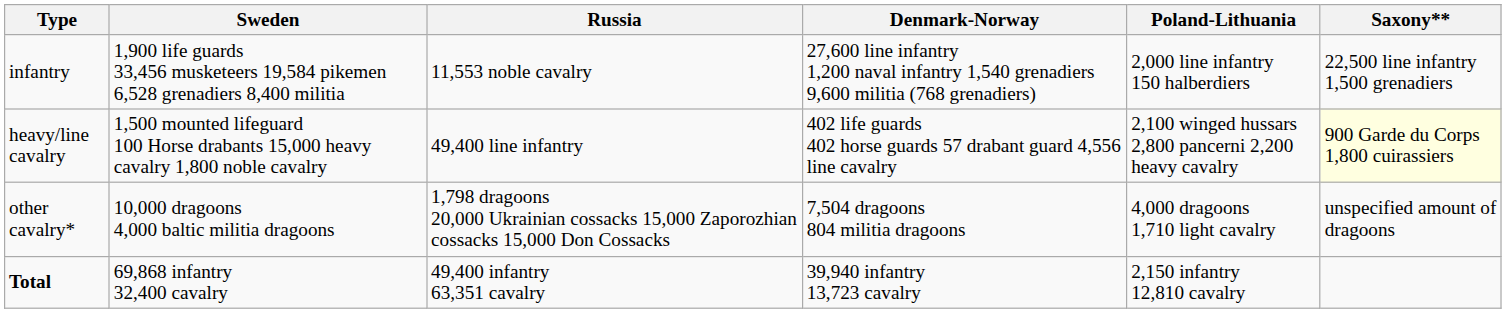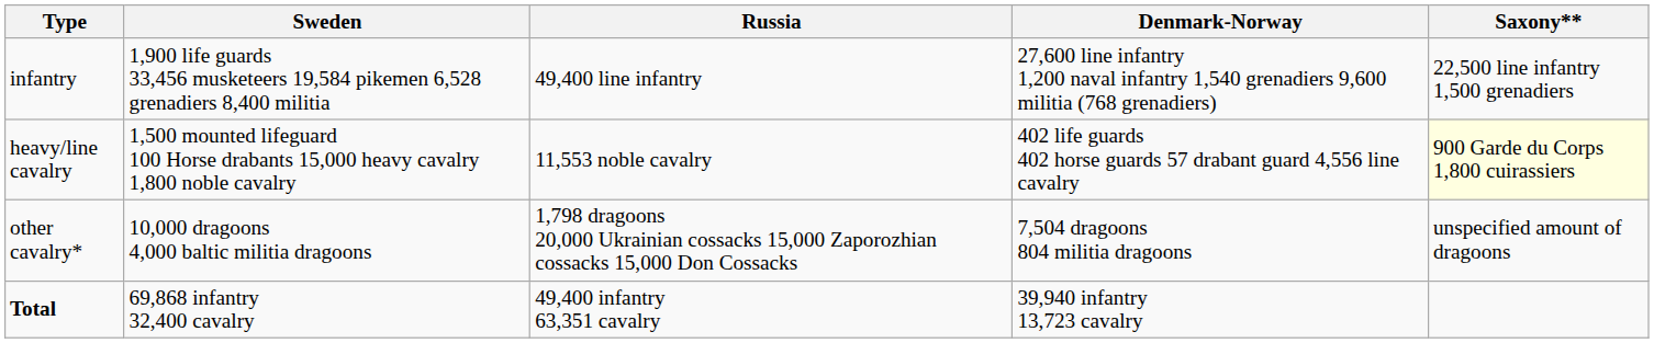 <table class="wikitable">
 <tr>
 <th>Type</th>
 <th>Sweden</th>
 <th>Russia</th>
 <th>Denmark-Norway</th>
-<th>Poland-Lithuania</th>
 <th>Saxony**</th>
 </tr>
 <tr>
 <td>infantry</td>
 <td>1,900 life guards<br>33,456 musketeers 19,584 pikemen 6,528 grenadiers 8,400 militia</td>
-<td>11,553 noble cavalry</td>
+<td>49,400 line infantry</td>
 <td>27,600 line infantry<br>1,200 naval infantry 1,540 grenadiers 9,600 militia (768  grenadiers)</td>
-<td>2,000 line infantry<br>150 halberdiers</td>
 <td>22,500 line infantry<br>1,500 grenadiers</td>
 </tr>
 <tr>
 <td>heavy/line<br>cavalry</td>
 <td>1,500 mounted lifeguard<br>100 Horse drabants 15,000 heavy cavalry 1,800 noble cavalry</td>
-<td>49,400 line infantry</td>
+<td>11,553 noble cavalry</td>
 <td>402 life guards<br>402 horse guards 57 drabant guard 4,556 line cavalry</td>
-<td>2,100 winged hussars<br>2,800 pancerni 2,200 heavy cavalry</td>
 <td style="background: lightyellow;">900 Garde du Corps<br>1,800 cuirassiers</td>
 </tr>
 <tr>
 <td>other cavalry*</td>
 <td>10,000 dragoons<br>4,000 baltic militia dragoons</td>
 <td>1,798 dragoons<br>20,000 Ukrainian cossacks 15,000 Zaporozhian cossacks 15,000 Don Cossacks</td>
 <td>7,504 dragoons<br>804 militia dragoons</td>
-<td>4,000 dragoons<br>1,710 light cavalry</td>
 <td>unspecified amount of dragoons</td>
 </tr>
 <tr>
 <td><strong>Total</strong></td>
 <td>69,868 infantry<br>32,400 cavalry</td>
 <td>49,400 infantry<br>63,351 cavalry</td>
 <td>39,940 infantry<br>13,723 cavalry</td>
-<td>2,150 infantry<br>12,810 cavalry</td>
 <td></td>
 </tr>
 </table>
